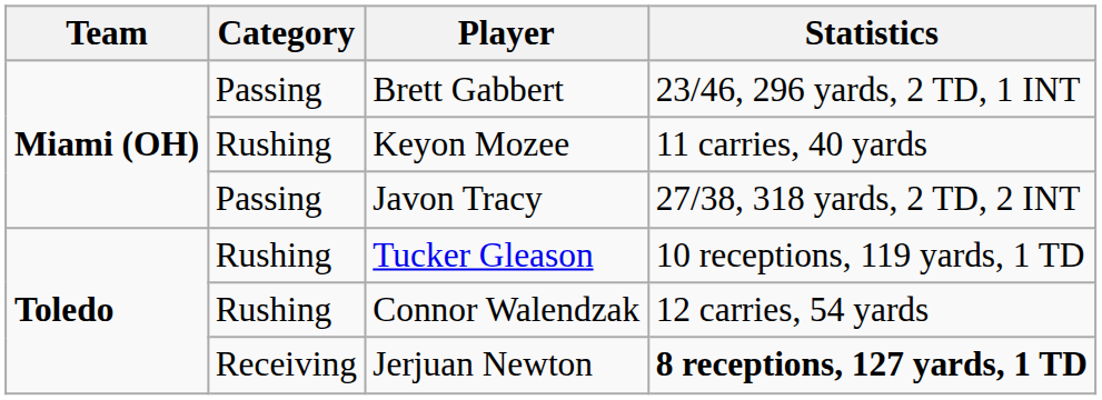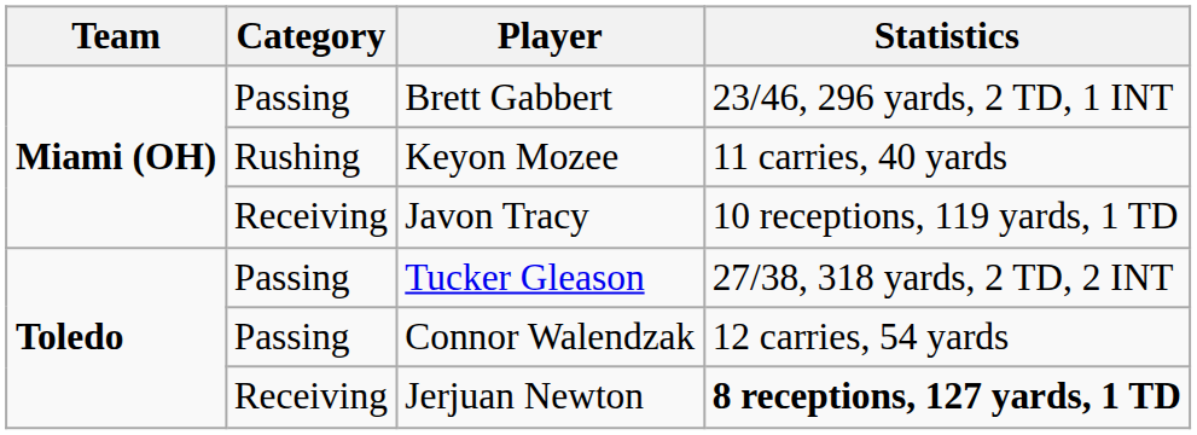 <table class="wikitable" style="float: right;">
 <tr>
 <th>Team</th>
 <th>Category</th>
 <th>Player</th>
 <th>Statistics</th>
 </tr>
 <tr>
 <td rowspan=3><strong>Miami (OH)</strong></td>
 <td>Passing</td>
 <td>Brett Gabbert</td>
 <td>23/46, 296 yards, 2 TD, 1 INT</td>
 </tr>
 <tr>
 <td>Rushing</td>
 <td>Keyon Mozee</td>
 <td>11 carries, 40 yards</td>
 </tr>
 <tr>
+<td>Receiving</td>
+<td>Javon Tracy</td>
+<td>10 receptions, 119 yards, 1 TD</td>
+</tr>
+<tr>
+<td rowspan=3><strong>Toledo</strong></td>
 <td>Passing</td>
-<td>Javon Tracy</td>
+<td><a href='#'>Tucker Gleason</a></td>
 <td>27/38, 318 yards, 2 TD, 2 INT</td>
 </tr>
 <tr>
-<td rowspan=3><strong>Toledo</strong></td>
-<td>Rushing</td>
-<td><a href='#'>Tucker Gleason</a></td>
-<td>10 receptions, 119 yards, 1 TD</td>
-</tr>
-<tr>
-<td>Rushing</td>
+<td>Passing</td>
 <td>Connor Walendzak</td>
 <td>12 carries, 54 yards</td>
 </tr>
 <tr>
 <td>Receiving</td>
 <td>Jerjuan Newton</td>
 <td><strong>8 receptions, 127 yards, 1 TD</strong></td>
 </tr>
 </table>
